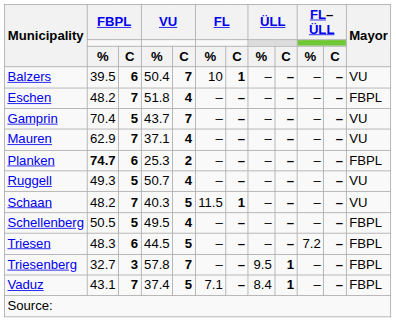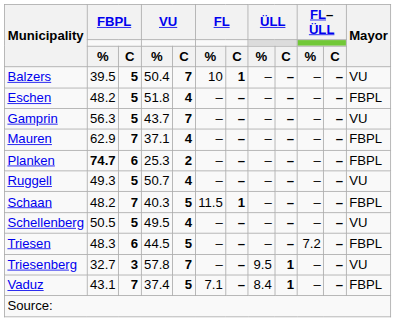 <table class="wikitable">
 <tr>
 <th rowspan="3">Municipality</th>
 <th colspan="2"><a href='#'>FBPL</a></th>
 <th colspan="2"><a href='#'>VU</a></th>
 <th colspan="2"><a href='#'>FL</a></th>
 <th colspan="2"><a href='#'>ÜLL</a></th>
 <th colspan="2"><a href='#'>FL</a>–<a href='#'>ÜLL</a></th>
 <th rowspan="3" colspan="2">Mayor</th>
 </tr>
 <tr>
 <td colspan="2" style="color:inherit;background:"></td>
 <td colspan="2"></td>
 <td colspan="2" style="color:inherit;background:"></td>
 <td colspan="2" bgcolor="gainsboro"></td>
 <td colspan="2" style="color:inherit;background:#71C837"></td>
 </tr>
 <tr>
 <th width=25>%</th>
 <th width=20>C</th>
 <th width=25>%</th>
 <th width=20>C</th>
 <th width=25>%</th>
 <th width=20>C</th>
 <th width=25>%</th>
 <th width=20>C</th>
 <th width=25>%</th>
 <th width=20>C</th>
 </tr>
 <tr>
 <td><a href='#'>Balzers</a></td>
 <td style="text-align: right;">39.5</td>
-<td style="text-align: right; font-weight: bold;">6</td>
+<td style="text-align: right; font-weight: bold;">5</td>
 <td style="text-align: right;">50.4</td>
 <td style="text-align: right; font-weight: bold;">7</td>
 <td style="text-align: right;">10</td>
 <td style="text-align: right; font-weight: bold;">1</td>
 <td style="text-align: right;">–</td>
 <td style="text-align: right; font-weight: bold;">–</td>
 <td style="text-align: right;">–</td>
 <td style="text-align: right; font-weight: bold;">–</td>
 <td>VU</td>
 </tr>
 <tr>
 <td><a href='#'>Eschen</a></td>
 <td style="text-align: right;">48.2</td>
-<td style="text-align: right; font-weight: bold;">7</td>
+<td style="text-align: right; font-weight: bold;">5</td>
 <td style="text-align: right;">51.8</td>
 <td style="text-align: right; font-weight: bold;">4</td>
 <td style="text-align: right;">–</td>
 <td style="text-align: right; font-weight: bold;">–</td>
 <td style="text-align: right;">–</td>
 <td style="text-align: right; font-weight: bold;">–</td>
 <td style="text-align: right;">–</td>
 <td style="text-align: right; font-weight: bold;">–</td>
 <td>FBPL</td>
 </tr>
 <tr>
 <td><a href='#'>Gamprin</a></td>
-<td style="text-align: right;">70.4</td>
+<td style="text-align: right;">56.3</td>
 <td style="text-align: right; font-weight: bold;">5</td>
 <td style="text-align: right;">43.7</td>
 <td style="text-align: right; font-weight: bold;">7</td>
 <td style="text-align: right;">–</td>
 <td style="text-align: right; font-weight: bold;">–</td>
 <td style="text-align: right;">–</td>
 <td style="text-align: right; font-weight: bold;">–</td>
 <td style="text-align: right;">–</td>
 <td style="text-align: right; font-weight: bold;">–</td>
 <td>VU</td>
 </tr>
 <tr>
 <td><a href='#'>Mauren</a></td>
 <td style="text-align: right;">62.9</td>
 <td style="text-align: right; font-weight: bold;">7</td>
 <td style="text-align: right;">37.1</td>
 <td style="text-align: right; font-weight: bold;">4</td>
 <td style="text-align: right;">–</td>
 <td style="text-align: right; font-weight: bold;">–</td>
 <td style="text-align: right;">–</td>
 <td style="text-align: right; font-weight: bold;">–</td>
 <td style="text-align: right;">–</td>
 <td style="text-align: right; font-weight: bold;">–</td>
-<td>VU</td>
+<td>FBPL</td>
 </tr>
 <tr>
 <td><a href='#'>Planken</a></td>
 <td style="text-align: right;"><strong>74.7</strong></td>
 <td style="text-align: right; font-weight: bold;">6</td>
 <td style="text-align: right;">25.3</td>
 <td style="text-align: right; font-weight: bold;">2</td>
 <td style="text-align: right;">–</td>
 <td style="text-align: right; font-weight: bold;">–</td>
 <td style="text-align: right;">–</td>
 <td style="text-align: right; font-weight: bold;">–</td>
 <td style="text-align: right;">–</td>
 <td style="text-align: right; font-weight: bold;">–</td>
 <td>FBPL</td>
 </tr>
 <tr>
 <td><a href='#'>Ruggell</a></td>
 <td style="text-align: right;">49.3</td>
 <td style="text-align: right; font-weight: bold;">5</td>
 <td style="text-align: right;">50.7</td>
 <td style="text-align: right; font-weight: bold;">4</td>
 <td style="text-align: right;">–</td>
 <td style="text-align: right; font-weight: bold;">–</td>
 <td style="text-align: right;">–</td>
 <td style="text-align: right; font-weight: bold;">–</td>
 <td style="text-align: right;">–</td>
 <td style="text-align: right; font-weight: bold;">–</td>
 <td>VU</td>
 </tr>
 <tr>
 <td><a href='#'>Schaan</a></td>
 <td style="text-align: right;">48.2</td>
 <td style="text-align: right; font-weight: bold;">7</td>
 <td style="text-align: right;">40.3</td>
 <td style="text-align: right; font-weight: bold;">5</td>
 <td style="text-align: right;">11.5</td>
 <td style="text-align: right; font-weight: bold;">1</td>
 <td style="text-align: right;">–</td>
 <td style="text-align: right; font-weight: bold;">–</td>
 <td style="text-align: right;">–</td>
 <td style="text-align: right; font-weight: bold;">–</td>
-<td>VU</td>
+<td>FBPL</td>
 </tr>
 <tr>
 <td><a href='#'>Schellenberg</a></td>
 <td style="text-align: right;">50.5</td>
 <td style="text-align: right; font-weight: bold;">5</td>
 <td style="text-align: right;">49.5</td>
 <td style="text-align: right; font-weight: bold;">4</td>
 <td style="text-align: right;">–</td>
 <td style="text-align: right; font-weight: bold;">–</td>
 <td style="text-align: right;">–</td>
 <td style="text-align: right; font-weight: bold;">–</td>
 <td style="text-align: right;">–</td>
 <td style="text-align: right; font-weight: bold;">–</td>
-<td>FBPL</td>
+<td>VU</td>
 </tr>
 <tr>
 <td><a href='#'>Triesen</a></td>
 <td style="text-align: right;">48.3</td>
 <td style="text-align: right; font-weight: bold;">6</td>
 <td style="text-align: right;">44.5</td>
 <td style="text-align: right; font-weight: bold;">5</td>
 <td style="text-align: right;">–</td>
 <td style="text-align: right; font-weight: bold;">–</td>
 <td style="text-align: right;">–</td>
 <td style="text-align: right; font-weight: bold;">–</td>
 <td style="text-align: right;">7.2</td>
 <td style="text-align: right; font-weight: bold;">–</td>
 <td>FBPL</td>
 </tr>
 <tr>
 <td><a href='#'>Triesenberg</a></td>
 <td style="text-align: right;">32.7</td>
 <td style="text-align: right; font-weight: bold;">3</td>
 <td style="text-align: right;">57.8</td>
 <td style="text-align: right; font-weight: bold;">7</td>
 <td style="text-align: right;">–</td>
 <td style="text-align: right; font-weight: bold;">–</td>
 <td style="text-align: right;">9.5</td>
 <td style="text-align: right; font-weight: bold;">1</td>
 <td style="text-align: right;">–</td>
 <td style="text-align: right; font-weight: bold;">–</td>
-<td>FBPL</td>
+<td>VU</td>
 </tr>
 <tr>
 <td><a href='#'>Vaduz</a></td>
 <td style="text-align: right;">43.1</td>
 <td style="text-align: right; font-weight: bold;">7</td>
 <td style="text-align: right;">37.4</td>
 <td style="text-align: right; font-weight: bold;">5</td>
 <td style="text-align: right;">7.1</td>
 <td style="text-align: right; font-weight: bold;">–</td>
 <td style="text-align: right;">8.4</td>
 <td style="text-align: right; font-weight: bold;">1</td>
 <td style="text-align: right;">–</td>
 <td style="text-align: right; font-weight: bold;">–</td>
 <td>FBPL</td>
 </tr>
 <tr>
 <td align=left colspan=12>Source: </td>
 </tr>
 </table>
